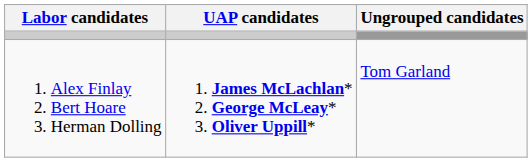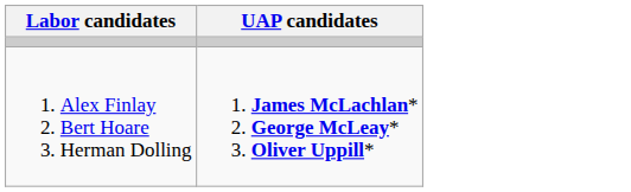 <table class="wikitable">
 <tr>
 <th><a href='#'>Labor</a> candidates</th>
 <th><a href='#'>UAP</a> candidates</th>
-<th>Ungrouped candidates</th>
 </tr>
 <tr bgcolor="#cccccc">
 <td></td>
 <td></td>
-<td bgcolor="#999999"></td>
 </tr>
 <tr>
 <td valign=top><br><ol><li><a href='#'>Alex Finlay</a></li><li><a href='#'>Bert Hoare</a></li><li>Herman Dolling</li></ol></td>
 <td><br><ol><li><strong><a href='#'>James McLachlan</a></strong>*</li><li><strong><a href='#'>George McLeay</a></strong>*</li><li><strong><a href='#'>Oliver Uppill</a></strong>*</li></ol></td>
-<td valign=top><br><a href='#'>Tom Garland</a></td>
 </tr>
 </table>
